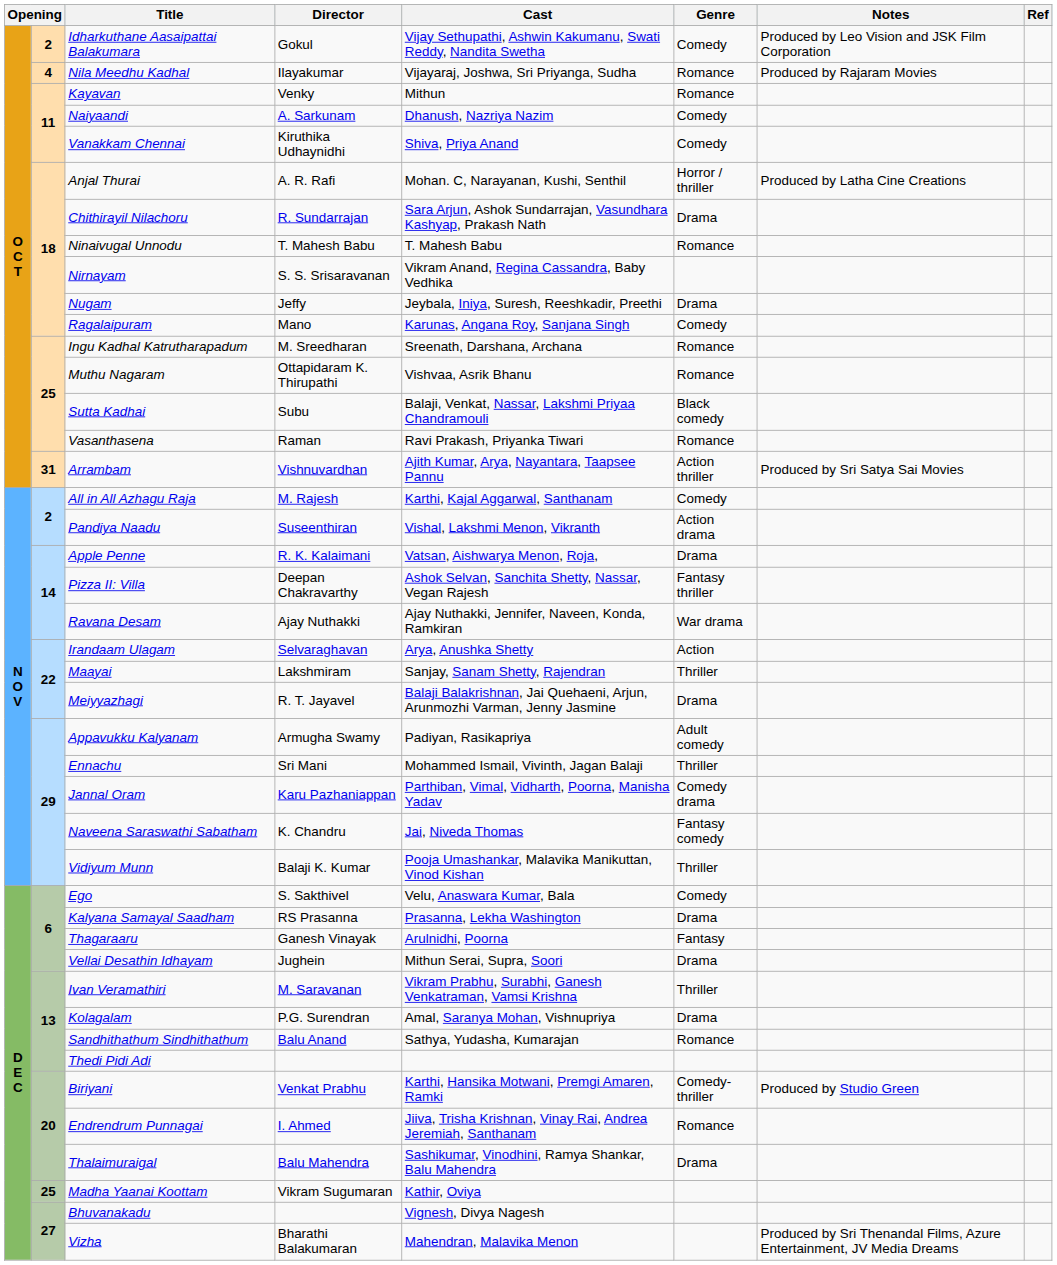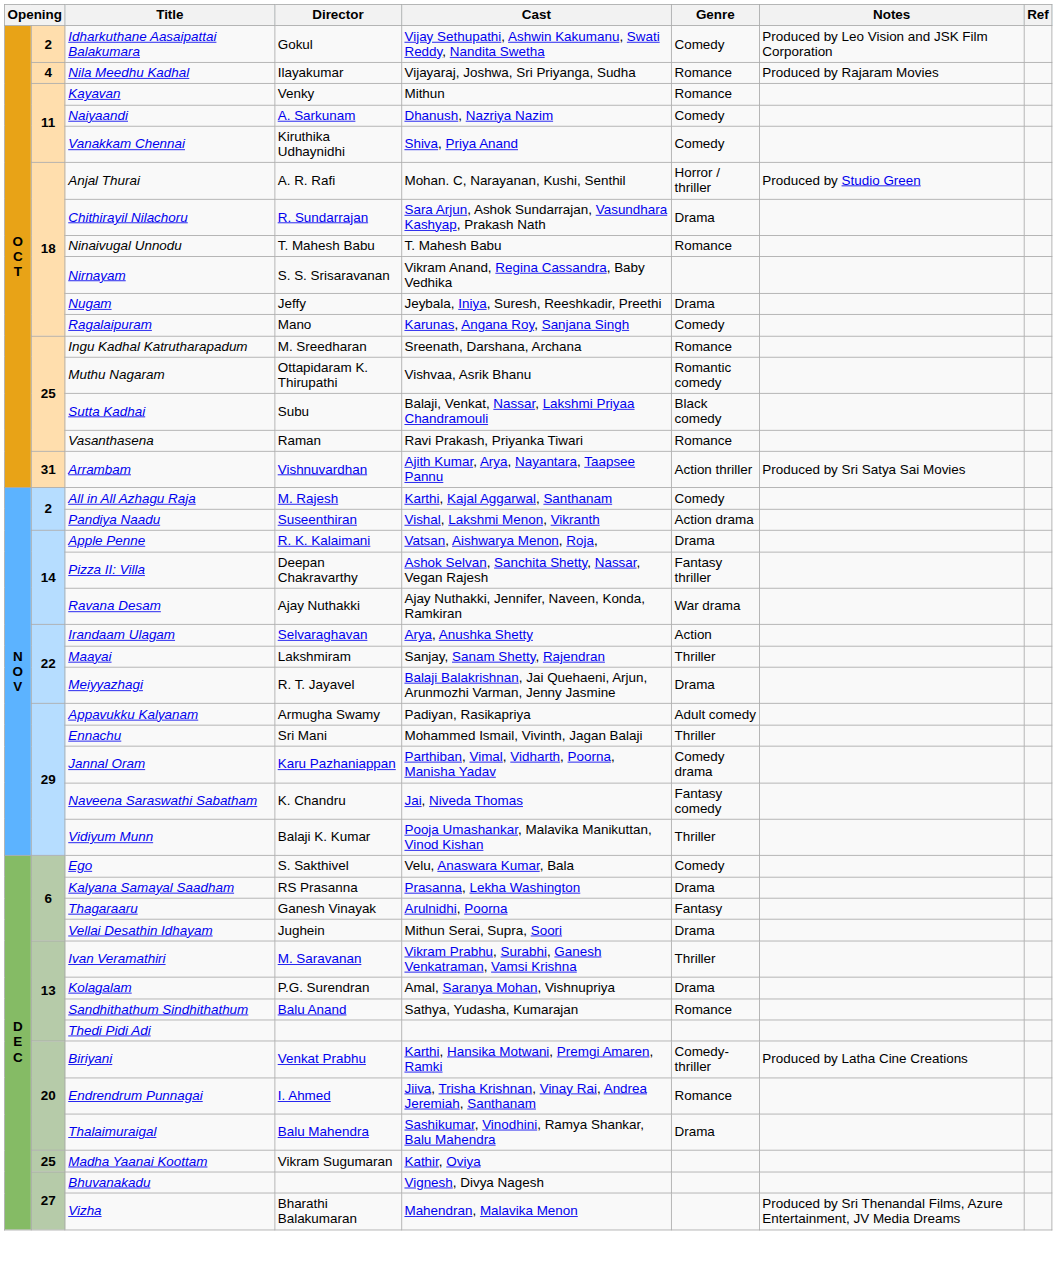 <table class="wikitable" id="wikitable-20131210">
 <tr style="background:#b0e0e6; text-align:center;">
 <th colspan="2"><strong>Opening</strong></th>
 <th style="width:20%;"><strong>Title</strong></th>
 <th>Director</th>
 <th>Cast</th>
 <th>Genre</th>
 <th>Notes</th>
 <th>Ref</th>
 </tr>
 <tr October!>
 <td rowspan="16" style="text-align:center; background:#E8A317; textcolor:#000;"><strong>O<br>C<br>T</strong></td>
 <td style="text-align:center; background:#ffdead;"><strong>2</strong></td>
 <td><em><a href='#'>Idharkuthane Aasaipattai Balakumara</a></em></td>
 <td>Gokul</td>
 <td><a href='#'>Vijay Sethupathi</a>, <a href='#'>Ashwin Kakumanu</a>, <a href='#'>Swati Reddy</a>, <a href='#'>Nandita Swetha</a></td>
 <td>Comedy</td>
 <td>Produced by Leo Vision and JSK Film Corporation</td>
 <td></td>
 </tr>
 <tr>
 <td style="text-align:center; background:#ffdead;"><strong>4</strong></td>
 <td><em><a href='#'>Nila Meedhu Kadhal</a></em></td>
 <td>Ilayakumar</td>
 <td>Vijayaraj, Joshwa, Sri Priyanga, Sudha</td>
 <td>Romance</td>
 <td>Produced by Rajaram Movies</td>
 <td></td>
 </tr>
 <tr>
 <td rowspan="3" style="text-align:center; background:#ffdead;"><strong>11</strong></td>
 <td><em><a href='#'>Kayavan</a></em></td>
 <td>Venky</td>
 <td>Mithun</td>
 <td>Romance</td>
 <td></td>
 <td></td>
 </tr>
 <tr>
 <td><em><a href='#'>Naiyaandi</a></em></td>
 <td><a href='#'>A. Sarkunam</a></td>
 <td><a href='#'>Dhanush</a>, <a href='#'>Nazriya Nazim</a></td>
 <td>Comedy</td>
 <td></td>
 <td></td>
 </tr>
 <tr>
 <td><em><a href='#'>Vanakkam Chennai</a></em></td>
 <td>Kiruthika Udhaynidhi</td>
 <td><a href='#'>Shiva</a>, <a href='#'>Priya Anand</a></td>
 <td>Comedy</td>
 <td></td>
 <td></td>
 </tr>
 <tr>
 <td rowspan="6" style="text-align:center; background:#ffdead;"><strong>18</strong></td>
 <td><em>Anjal Thurai</em></td>
 <td>A. R. Rafi</td>
 <td>Mohan. C, Narayanan, Kushi, Senthil</td>
 <td>Horror / thriller</td>
-<td>Produced by Latha Cine Creations</td>
+<td>Produced by <a href='#'>Studio Green</a></td>
 <td></td>
 </tr>
 <tr>
 <td><em><a href='#'>Chithirayil Nilachoru</a></em></td>
 <td><a href='#'>R. Sundarrajan</a></td>
 <td><a href='#'>Sara Arjun</a>, Ashok Sundarrajan, <a href='#'>Vasundhara Kashyap</a>, Prakash Nath</td>
 <td>Drama</td>
 <td></td>
 <td></td>
 </tr>
 <tr>
 <td><em>Ninaivugal Unnodu</em></td>
 <td>T. Mahesh Babu</td>
 <td>T. Mahesh Babu</td>
 <td>Romance</td>
 <td></td>
 <td></td>
 </tr>
 <tr>
 <td><em><a href='#'>Nirnayam</a></em></td>
 <td>S. S. Srisaravanan</td>
 <td>Vikram Anand, <a href='#'>Regina Cassandra</a>, Baby Vedhika</td>
 <td></td>
 <td></td>
 <td></td>
 </tr>
 <tr>
 <td><em><a href='#'>Nugam</a></em></td>
 <td>Jeffy</td>
 <td>Jeybala, <a href='#'>Iniya</a>, Suresh, Reeshkadir, Preethi</td>
 <td>Drama</td>
 <td></td>
 <td></td>
 </tr>
 <tr>
 <td><em><a href='#'>Ragalaipuram</a></em></td>
 <td>Mano</td>
 <td><a href='#'>Karunas</a>, <a href='#'>Angana Roy</a>, <a href='#'>Sanjana Singh</a></td>
 <td>Comedy</td>
 <td></td>
 <td></td>
 </tr>
 <tr>
 <td rowspan="4" style="text-align:center; background:#ffdead;"><strong>25</strong></td>
 <td><em>Ingu Kadhal Katrutharapadum</em></td>
 <td>M. Sreedharan</td>
 <td>Sreenath, Darshana, Archana</td>
 <td>Romance</td>
 <td></td>
 <td></td>
 </tr>
 <tr>
 <td><em>Muthu Nagaram</em></td>
 <td>Ottapidaram K. Thirupathi</td>
 <td>Vishvaa, Asrik Bhanu</td>
-<td>Romance</td>
+<td>Romantic comedy</td>
 <td></td>
 <td></td>
 </tr>
 <tr>
 <td><em><a href='#'>Sutta Kadhai</a></em></td>
 <td>Subu</td>
 <td>Balaji, Venkat, <a href='#'>Nassar</a>, <a href='#'>Lakshmi Priyaa Chandramouli</a></td>
 <td>Black comedy</td>
 <td></td>
 <td></td>
 </tr>
 <tr>
 <td><em>Vasanthasena</em></td>
 <td>Raman</td>
 <td>Ravi Prakash, Priyanka Tiwari</td>
 <td>Romance</td>
 <td></td>
 <td></td>
 </tr>
 <tr>
 <td style="text-align:center; background:#ffdead;"><strong>31</strong></td>
 <td><em><a href='#'>Arrambam</a></em></td>
 <td><a href='#'>Vishnuvardhan</a></td>
 <td><a href='#'>Ajith Kumar</a>, <a href='#'>Arya</a>, <a href='#'>Nayantara</a>, <a href='#'>Taapsee Pannu</a></td>
 <td>Action thriller</td>
 <td>Produced by Sri Satya Sai Movies</td>
 <td></td>
 </tr>
 <tr November!>
 <td rowspan="13" style="text-align:center; background:#5CB3FF; textcolor:#000;"><strong>N<br>O<br>V</strong></td>
 <td rowspan="2" style="text-align:center; background:#B6DDFF;"><strong>2</strong></td>
 <td><em><a href='#'>All in All Azhagu Raja</a></em></td>
 <td><a href='#'>M. Rajesh</a></td>
 <td><a href='#'>Karthi</a>, <a href='#'>Kajal Aggarwal</a>, <a href='#'>Santhanam</a></td>
 <td>Comedy</td>
 <td></td>
 <td></td>
 </tr>
 <tr>
 <td><em><a href='#'>Pandiya Naadu</a></em></td>
 <td><a href='#'>Suseenthiran</a></td>
 <td><a href='#'>Vishal</a>, <a href='#'>Lakshmi Menon</a>, <a href='#'>Vikranth</a></td>
 <td>Action drama</td>
 <td></td>
 <td></td>
 </tr>
 <tr>
 <td rowspan="3" style="text-align:center; background:#B6DDFF;"><strong>14</strong></td>
 <td><em><a href='#'>Apple Penne</a></em></td>
 <td><a href='#'>R. K. Kalaimani</a></td>
 <td><a href='#'>Vatsan</a>, <a href='#'>Aishwarya Menon</a>, <a href='#'>Roja</a>,</td>
 <td>Drama</td>
 <td></td>
 <td></td>
 </tr>
 <tr>
 <td><em><a href='#'>Pizza II: Villa</a></em></td>
 <td>Deepan Chakravarthy</td>
 <td><a href='#'>Ashok Selvan</a>, <a href='#'>Sanchita Shetty</a>, <a href='#'>Nassar</a>, Vegan Rajesh</td>
 <td>Fantasy thriller</td>
 <td></td>
 <td></td>
 </tr>
 <tr>
 <td><em><a href='#'>Ravana Desam</a></em></td>
 <td>Ajay Nuthakki</td>
 <td>Ajay Nuthakki, Jennifer, Naveen, Konda, Ramkiran</td>
 <td>War drama</td>
 <td></td>
 <td></td>
 </tr>
 <tr>
 <td rowspan="3" style="text-align:center; background:#B6DDFF;"><strong>22</strong></td>
 <td><em><a href='#'>Irandaam Ulagam</a></em></td>
 <td><a href='#'>Selvaraghavan</a></td>
 <td><a href='#'>Arya</a>, <a href='#'>Anushka Shetty</a></td>
 <td>Action</td>
 <td></td>
 <td></td>
 </tr>
 <tr>
 <td><em><a href='#'>Maayai</a></em></td>
 <td>Lakshmiram</td>
 <td>Sanjay, <a href='#'>Sanam Shetty</a>, <a href='#'>Rajendran</a></td>
 <td>Thriller</td>
 <td></td>
 <td></td>
 </tr>
 <tr>
 <td><em><a href='#'>Meiyyazhagi</a></em></td>
 <td>R. T. Jayavel</td>
 <td><a href='#'>Balaji Balakrishnan</a>, Jai Quehaeni, Arjun, Arunmozhi Varman, Jenny Jasmine</td>
 <td>Drama</td>
 <td></td>
 <td></td>
 </tr>
 <tr>
 <td rowspan="5" style="text-align:center; background:#B6DDFF;"><strong>29</strong></td>
 <td><em><a href='#'>Appavukku Kalyanam</a></em></td>
 <td>Armugha Swamy</td>
 <td>Padiyan, Rasikapriya</td>
 <td>Adult comedy</td>
 <td></td>
 <td></td>
 </tr>
 <tr>
 <td><em><a href='#'>Ennachu</a></em></td>
 <td>Sri Mani</td>
 <td>Mohammed Ismail, Vivinth, Jagan Balaji</td>
 <td>Thriller</td>
 <td></td>
 <td></td>
 </tr>
 <tr>
 <td><em><a href='#'>Jannal Oram</a></em></td>
 <td><a href='#'>Karu Pazhaniappan</a></td>
 <td><a href='#'>Parthiban</a>, <a href='#'>Vimal</a>, <a href='#'>Vidharth</a>, <a href='#'>Poorna</a>, <a href='#'>Manisha Yadav</a></td>
 <td>Comedy drama</td>
 <td></td>
 <td></td>
 </tr>
 <tr>
 <td><em><a href='#'>Naveena Saraswathi Sabatham</a></em></td>
 <td>K. Chandru</td>
 <td><a href='#'>Jai</a>, <a href='#'>Niveda Thomas</a></td>
 <td>Fantasy comedy</td>
 <td></td>
 <td></td>
 </tr>
 <tr>
 <td><em><a href='#'>Vidiyum Munn</a></em></td>
 <td>Balaji K. Kumar</td>
 <td><a href='#'>Pooja Umashankar</a>, Malavika Manikuttan, <a href='#'>Vinod Kishan</a></td>
 <td>Thriller</td>
 <td></td>
 <td></td>
 </tr>
 <tr December!>
 <td rowspan="14" style="text-align:center; background:#85BB65;"><strong>D<br>E<br>C</strong></td>
 <td rowspan="4" style="text-align:center; background:#B6CBA9;"><strong>6</strong></td>
 <td><em><a href='#'>Ego</a></em></td>
 <td>S. Sakthivel</td>
 <td>Velu, <a href='#'>Anaswara Kumar</a>, Bala</td>
 <td>Comedy</td>
 <td></td>
 <td></td>
 </tr>
 <tr>
 <td><em><a href='#'>Kalyana Samayal Saadham</a></em></td>
 <td>RS Prasanna</td>
 <td><a href='#'>Prasanna</a>, <a href='#'>Lekha Washington</a></td>
 <td>Drama</td>
 <td></td>
 <td></td>
 </tr>
 <tr>
 <td><em><a href='#'>Thagaraaru</a></em></td>
 <td>Ganesh Vinayak</td>
 <td><a href='#'>Arulnidhi</a>, <a href='#'>Poorna</a></td>
 <td>Fantasy</td>
 <td></td>
 <td></td>
 </tr>
 <tr>
 <td><em><a href='#'>Vellai Desathin Idhayam</a></em></td>
 <td>Jughein</td>
 <td>Mithun Serai, Supra, <a href='#'>Soori</a></td>
 <td>Drama</td>
 <td></td>
 <td></td>
 </tr>
 <tr>
 <td rowspan="4" style="text-align:center; background:#B6CBA9;"><strong>13</strong></td>
 <td><em><a href='#'>Ivan Veramathiri</a></em></td>
 <td><a href='#'>M. Saravanan</a></td>
 <td><a href='#'>Vikram Prabhu</a>, <a href='#'>Surabhi</a>, <a href='#'>Ganesh Venkatraman</a>, <a href='#'>Vamsi Krishna</a></td>
 <td>Thriller</td>
 <td></td>
 <td></td>
 </tr>
 <tr>
 <td><em><a href='#'>Kolagalam</a></em></td>
 <td>P.G. Surendran</td>
 <td>Amal, <a href='#'>Saranya Mohan</a>, Vishnupriya</td>
 <td>Drama</td>
 <td></td>
 <td></td>
 </tr>
 <tr>
 <td><em><a href='#'>Sandhithathum Sindhithathum</a></em></td>
 <td><a href='#'>Balu Anand</a></td>
 <td>Sathya, Yudasha, Kumarajan</td>
 <td>Romance</td>
 <td></td>
 <td></td>
 </tr>
 <tr>
 <td><em><a href='#'>Thedi Pidi Adi</a></em></td>
 <td></td>
 <td></td>
 <td></td>
 <td></td>
 <td></td>
 </tr>
 <tr>
 <td rowspan="3" style="text-align:center; background:#B6CBA9;"><strong>20</strong></td>
 <td><em><a href='#'>Biriyani</a></em></td>
 <td><a href='#'>Venkat Prabhu</a></td>
 <td><a href='#'>Karthi</a>, <a href='#'>Hansika Motwani</a>, <a href='#'>Premgi Amaren</a>, <a href='#'>Ramki</a></td>
 <td>Comedy-thriller</td>
-<td>Produced by <a href='#'>Studio Green</a></td>
+<td>Produced by Latha Cine Creations</td>
 <td></td>
 </tr>
 <tr>
 <td><em><a href='#'>Endrendrum Punnagai</a></em></td>
 <td><a href='#'>I. Ahmed</a></td>
 <td><a href='#'>Jiiva</a>, <a href='#'>Trisha Krishnan</a>, <a href='#'>Vinay Rai</a>, <a href='#'>Andrea Jeremiah</a>, <a href='#'>Santhanam</a></td>
 <td>Romance</td>
 <td></td>
 <td></td>
 </tr>
 <tr>
 <td><em><a href='#'>Thalaimuraigal</a></em></td>
 <td><a href='#'>Balu Mahendra</a></td>
 <td><a href='#'>Sashikumar</a>, <a href='#'>Vinodhini</a>, Ramya Shankar, <a href='#'>Balu Mahendra</a></td>
 <td>Drama</td>
 <td></td>
 <td></td>
 </tr>
 <tr>
 <td style="text-align:center; background:#B6CBA9;"><strong>25</strong></td>
 <td><em><a href='#'>Madha Yaanai Koottam</a></em></td>
 <td>Vikram Sugumaran</td>
 <td><a href='#'>Kathir</a>, <a href='#'>Oviya</a></td>
 <td></td>
 <td></td>
 <td></td>
 </tr>
 <tr>
 <td rowspan="2" style="text-align:center; background:#B6CBA9;"><strong>27</strong></td>
 <td><em><a href='#'>Bhuvanakadu</a></em></td>
 <td></td>
 <td><a href='#'>Vignesh</a>, Divya Nagesh</td>
 <td></td>
 <td></td>
 <td></td>
 </tr>
 <tr>
 <td><em><a href='#'>Vizha</a></em></td>
 <td>Bharathi Balakumaran</td>
 <td><a href='#'>Mahendran</a>, <a href='#'>Malavika Menon</a></td>
 <td></td>
 <td>Produced by Sri Thenandal Films, Azure Entertainment, JV Media Dreams</td>
 <td></td>
 </tr>
 </table>
